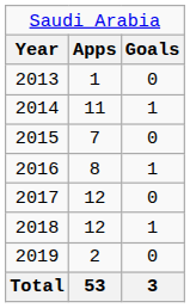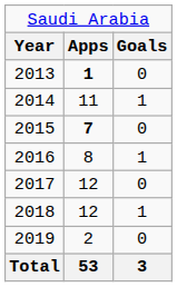 <table class="wikitable" style="text-align:center">
 <tr>
 <td colspan=3><a href='#'>Saudi Arabia</a></td>
 </tr>
 <tr>
 <th>Year</th>
 <th>Apps</th>
 <th>Goals</th>
 </tr>
 <tr>
 <td>2013</td>
-<td>1</td>
+<td><strong>1</strong></td>
 <td>0</td>
 </tr>
 <tr>
 <td>2014</td>
 <td>11</td>
 <td>1</td>
 </tr>
 <tr>
 <td>2015</td>
-<td>7</td>
+<td><strong>7</strong></td>
 <td>0</td>
 </tr>
 <tr>
 <td>2016</td>
 <td>8</td>
 <td>1</td>
 </tr>
 <tr>
 <td>2017</td>
 <td>12</td>
 <td>0</td>
 </tr>
 <tr>
 <td>2018</td>
 <td>12</td>
 <td>1</td>
 </tr>
 <tr>
 <td>2019</td>
 <td>2</td>
 <td>0</td>
 </tr>
 <tr>
 <th>Total</th>
 <th>53</th>
 <th>3</th>
 </tr>
 </table>
